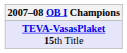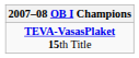 <table class=wikitable style="text-align:center; margin:auto">
 <tr>
 <th>2007–08 <a href='#'>OB I</a> Champions</th>
 </tr>
 <tr>
-<td style="background: lavender;"><strong><a href='#'>TEVA-VasasPlaket</a></strong><br><strong>15</strong>th Title</td>
+<td><strong><a href='#'>TEVA-VasasPlaket</a></strong><br><strong>15</strong>th Title</td>
 </tr>
 </table>
